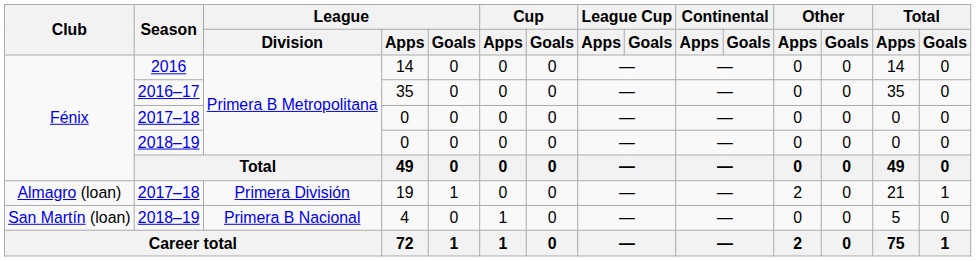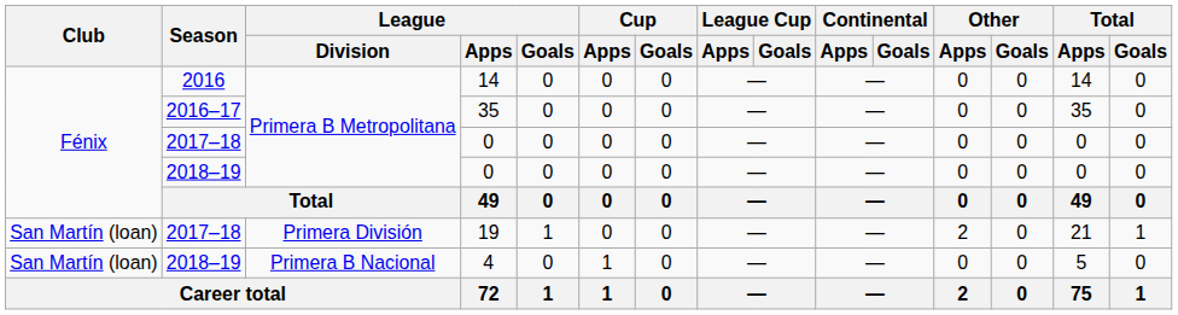 <table class="wikitable" style="text-align:center">
 <tr>
 <th rowspan="2">Club</th>
 <th rowspan="2">Season</th>
 <th colspan="3">League</th>
 <th colspan="2">Cup</th>
 <th colspan="2">League Cup</th>
 <th colspan="2">Continental</th>
 <th colspan="2">Other</th>
 <th colspan="2">Total</th>
 </tr>
 <tr>
 <th>Division</th>
 <th>Apps</th>
 <th>Goals</th>
 <th>Apps</th>
 <th>Goals</th>
 <th>Apps</th>
 <th>Goals</th>
 <th>Apps</th>
 <th>Goals</th>
 <th>Apps</th>
 <th>Goals</th>
 <th>Apps</th>
 <th>Goals</th>
 </tr>
 <tr>
 <td rowspan="5"><a href='#'>Fénix</a></td>
 <td><a href='#'>2016</a></td>
 <td rowspan="4"><a href='#'>Primera B Metropolitana</a></td>
 <td>14</td>
 <td>0</td>
 <td>0</td>
 <td>0</td>
 <td colspan="2">—</td>
 <td colspan="2">—</td>
 <td>0</td>
 <td>0</td>
 <td>14</td>
 <td>0</td>
 </tr>
 <tr>
 <td><a href='#'>2016–17</a></td>
 <td>35</td>
 <td>0</td>
 <td>0</td>
 <td>0</td>
 <td colspan="2">—</td>
 <td colspan="2">—</td>
 <td>0</td>
 <td>0</td>
 <td>35</td>
 <td>0</td>
 </tr>
 <tr>
 <td><a href='#'>2017–18</a></td>
 <td>0</td>
 <td>0</td>
 <td>0</td>
 <td>0</td>
 <td colspan="2">—</td>
 <td colspan="2">—</td>
 <td>0</td>
 <td>0</td>
 <td>0</td>
 <td>0</td>
 </tr>
 <tr>
 <td><a href='#'>2018–19</a></td>
 <td>0</td>
 <td>0</td>
 <td>0</td>
 <td>0</td>
 <td colspan="2">—</td>
 <td colspan="2">—</td>
 <td>0</td>
 <td>0</td>
 <td>0</td>
 <td>0</td>
 </tr>
 <tr>
 <th colspan="2">Total</th>
 <th>49</th>
 <th>0</th>
 <th>0</th>
 <th>0</th>
 <th colspan="2">—</th>
 <th colspan="2">—</th>
 <th>0</th>
 <th>0</th>
 <th>49</th>
 <th>0</th>
 </tr>
 <tr>
-<td rowspan="1"><a href='#'>Almagro</a> (loan)</td>
+<td rowspan="1"><a href='#'>San Martín</a> (loan)</td>
 <td><a href='#'>2017–18</a></td>
 <td rowspan="1"><a href='#'>Primera División</a></td>
 <td>19</td>
 <td>1</td>
 <td>0</td>
 <td>0</td>
 <td colspan="2">—</td>
 <td colspan="2">—</td>
 <td>2</td>
 <td>0</td>
 <td>21</td>
 <td>1</td>
 </tr>
 <tr>
 <td rowspan="1"><a href='#'>San Martín</a> (loan)</td>
 <td><a href='#'>2018–19</a></td>
 <td rowspan="1"><a href='#'>Primera B Nacional</a></td>
 <td>4</td>
 <td>0</td>
 <td>1</td>
 <td>0</td>
 <td colspan="2">—</td>
 <td colspan="2">—</td>
 <td>0</td>
 <td>0</td>
 <td>5</td>
 <td>0</td>
 </tr>
 <tr>
 <th colspan="3">Career total</th>
 <th>72</th>
 <th>1</th>
 <th>1</th>
 <th>0</th>
 <th colspan="2">—</th>
 <th colspan="2">—</th>
 <th>2</th>
 <th>0</th>
 <th>75</th>
 <th>1</th>
 </tr>
 </table>
